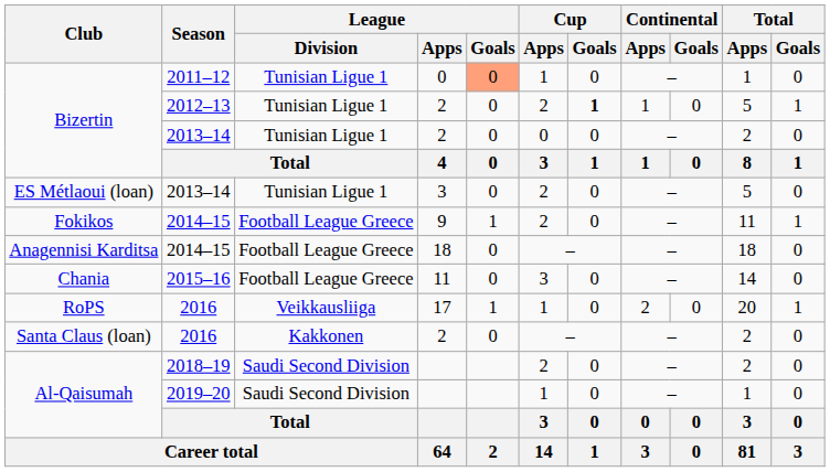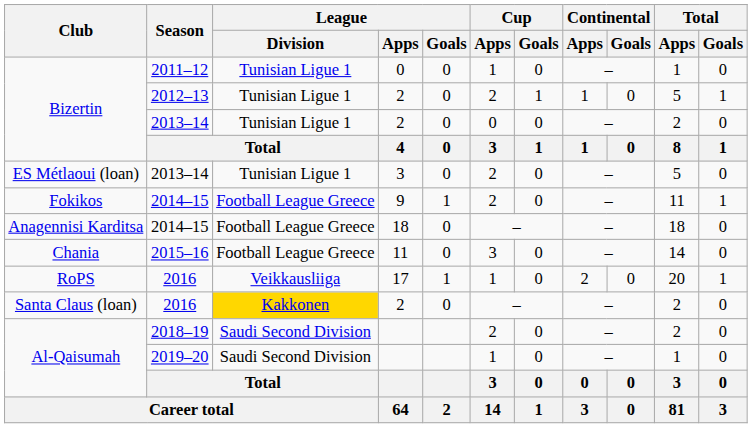 <table class="wikitable" style="text-align:center">
 <tr>
 <th rowspan="2">Club</th>
 <th rowspan="2">Season</th>
 <th colspan="3">League</th>
 <th colspan="2">Cup</th>
 <th colspan="2">Continental</th>
 <th colspan="2">Total</th>
 </tr>
 <tr>
 <th>Division</th>
 <th>Apps</th>
 <th>Goals</th>
 <th>Apps</th>
 <th>Goals</th>
 <th>Apps</th>
 <th>Goals</th>
 <th>Apps</th>
 <th>Goals</th>
 </tr>
 <tr>
 <td rowspan=4><a href='#'>Bizertin</a></td>
 <td><a href='#'>2011–12</a></td>
 <td><a href='#'>Tunisian Ligue 1</a></td>
 <td>0</td>
-<td style="background: lightsalmon;">0</td>
+<td>0</td>
 <td>1</td>
 <td>0</td>
 <td colspan=2>–</td>
 <td>1</td>
 <td>0</td>
 </tr>
 <tr>
 <td><a href='#'>2012–13</a></td>
 <td>Tunisian Ligue 1</td>
 <td>2</td>
 <td>0</td>
 <td>2</td>
-<td><strong>1</strong></td>
+<td>1</td>
 <td>1</td>
 <td>0</td>
 <td>5</td>
 <td>1</td>
 </tr>
 <tr>
 <td><a href='#'>2013–14</a></td>
 <td>Tunisian Ligue 1</td>
 <td>2</td>
 <td>0</td>
 <td>0</td>
 <td>0</td>
 <td colspan=2>–</td>
 <td>2</td>
 <td>0</td>
 </tr>
 <tr>
 <th colspan=2>Total</th>
 <th>4</th>
 <th>0</th>
 <th>3</th>
 <th>1</th>
 <th>1</th>
 <th>0</th>
 <th>8</th>
 <th>1</th>
 </tr>
 <tr>
 <td><a href='#'>ES Métlaoui</a> (loan)</td>
 <td>2013–14</td>
 <td>Tunisian Ligue 1</td>
 <td>3</td>
 <td>0</td>
 <td>2</td>
 <td>0</td>
 <td colspan=2>–</td>
 <td>5</td>
 <td>0</td>
 </tr>
 <tr>
 <td><a href='#'>Fokikos</a></td>
 <td><a href='#'>2014–15</a></td>
 <td><a href='#'>Football League Greece</a></td>
 <td>9</td>
 <td>1</td>
 <td>2</td>
 <td>0</td>
 <td colspan=2>–</td>
 <td>11</td>
 <td>1</td>
 </tr>
 <tr>
 <td><a href='#'>Anagennisi Karditsa</a></td>
 <td>2014–15</td>
 <td>Football League Greece</td>
 <td>18</td>
 <td>0</td>
 <td colspan=2>–</td>
 <td colspan=2>–</td>
 <td>18</td>
 <td>0</td>
 </tr>
 <tr>
 <td><a href='#'>Chania</a></td>
 <td><a href='#'>2015–16</a></td>
 <td>Football League Greece</td>
 <td>11</td>
 <td>0</td>
 <td>3</td>
 <td>0</td>
 <td colspan=2>–</td>
 <td>14</td>
 <td>0</td>
 </tr>
 <tr>
 <td><a href='#'>RoPS</a></td>
 <td><a href='#'>2016</a></td>
 <td><a href='#'>Veikkausliiga</a></td>
 <td>17</td>
 <td>1</td>
 <td>1</td>
 <td>0</td>
 <td>2</td>
 <td>0</td>
 <td>20</td>
 <td>1</td>
 </tr>
 <tr>
 <td><a href='#'>Santa Claus</a> (loan)</td>
 <td><a href='#'>2016</a></td>
-<td><a href='#'>Kakkonen</a></td>
+<td style="background: gold;"><a href='#'>Kakkonen</a></td>
 <td>2</td>
 <td>0</td>
 <td colspan=2>–</td>
 <td colspan=2>–</td>
 <td>2</td>
 <td>0</td>
 </tr>
 <tr>
 <td rowspan=3><a href='#'>Al-Qaisumah</a></td>
 <td><a href='#'>2018–19</a></td>
 <td><a href='#'>Saudi Second Division</a></td>
 <td></td>
 <td></td>
 <td>2</td>
 <td>0</td>
 <td colspan=2>–</td>
 <td>2</td>
 <td>0</td>
 </tr>
 <tr>
 <td><a href='#'>2019–20</a></td>
 <td>Saudi Second Division</td>
 <td></td>
 <td></td>
 <td>1</td>
 <td>0</td>
 <td colspan=2>–</td>
 <td>1</td>
 <td>0</td>
 </tr>
 <tr>
 <th colspan=2>Total</th>
 <th></th>
 <th></th>
 <th>3</th>
 <th>0</th>
 <th>0</th>
 <th>0</th>
 <th>3</th>
 <th>0</th>
 </tr>
 <tr>
 <th colspan="3">Career total</th>
 <th>64</th>
 <th>2</th>
 <th>14</th>
 <th>1</th>
 <th>3</th>
 <th>0</th>
 <th>81</th>
 <th>3</th>
 </tr>
 </table>
